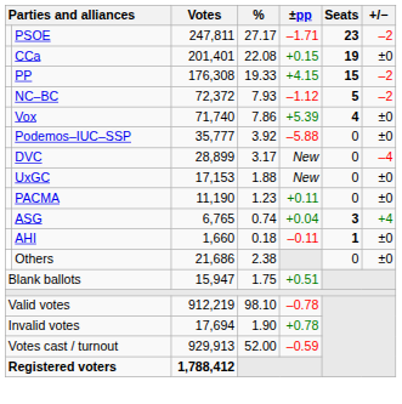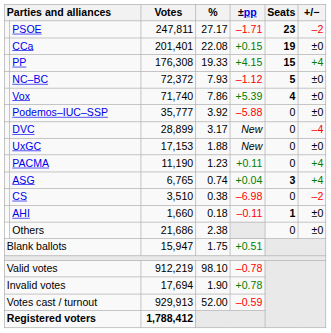 <table class="wikitable" style="text-align:right;">
 <tr>
 <th style="text-align:left;" colspan="2" width="200">Parties and alliances</th>
 <th width="75">Votes</th>
 <th width="45">%</th>
 <th width="45">±<a href='#'>pp</a></th>
 <th width="35">Seats</th>
 <th width="35">+/−</th>
 </tr>
 <tr>
 <td width="1" style="color:inherit;background:"></td>
 <td align="left"><a href='#'>PSOE</a></td>
 <td>247,811</td>
 <td>27.17</td>
 <td style="color:red;">–1.71</td>
 <td><strong>23</strong></td>
 <td style="color:red;">–2</td>
 </tr>
 <tr>
 <td style="color:inherit;background:"></td>
 <td align="left"><a href='#'>CCa</a></td>
 <td>201,401</td>
 <td>22.08</td>
 <td style="color:green;">+0.15</td>
 <td><strong>19</strong></td>
 <td>±0</td>
 </tr>
 <tr>
 <td style="color:inherit;background:"></td>
 <td align="left"><a href='#'>PP</a></td>
 <td>176,308</td>
 <td>19.33</td>
 <td style="color:green;">+4.15</td>
 <td><strong>15</strong></td>
-<td style="color:red;">–2</td>
+<td style="color:green;">+4</td>
 </tr>
 <tr>
 <td style="color:inherit;background:"></td>
 <td align="left"><a href='#'>NC–BC</a></td>
 <td>72,372</td>
 <td>7.93</td>
 <td style="color:red;">–1.12</td>
 <td><strong>5</strong></td>
-<td style="color:red;">–2</td>
+<td>±0</td>
 </tr>
 <tr>
 <td style="color:inherit;background:"></td>
 <td align="left"><a href='#'>Vox</a></td>
 <td>71,740</td>
 <td>7.86</td>
 <td style="color:green;">+5.39</td>
 <td><strong>4</strong></td>
 <td>±0</td>
 </tr>
 <tr>
 <td style="color:inherit;background:"></td>
 <td align="left"><a href='#'>Podemos–IUC–SSP</a></td>
 <td>35,777</td>
 <td>3.92</td>
 <td style="color:red;">–5.88</td>
 <td>0</td>
 <td>±0</td>
 </tr>
 <tr>
 <td style="color:inherit;background:"></td>
 <td align="left"><a href='#'>DVC</a></td>
 <td>28,899</td>
 <td>3.17</td>
 <td><em>New</em></td>
 <td>0</td>
 <td style="color:red;">–4</td>
 </tr>
 <tr>
 <td style="color:inherit;background:"></td>
 <td align="left"><a href='#'>UxGC</a></td>
 <td>17,153</td>
 <td>1.88</td>
 <td><em>New</em></td>
 <td>0</td>
 <td>±0</td>
 </tr>
 <tr>
 <td style="color:inherit;background:"></td>
 <td align="left"><a href='#'>PACMA</a></td>
 <td>11,190</td>
 <td>1.23</td>
 <td style="color:green;">+0.11</td>
 <td>0</td>
-<td>±0</td>
+<td style="color:green;">+4</td>
 </tr>
 <tr>
 <td style="color:inherit;background:"></td>
 <td align="left"><a href='#'>ASG</a></td>
 <td>6,765</td>
 <td>0.74</td>
 <td style="color:green;">+0.04</td>
 <td><strong>3</strong></td>
 <td style="color:green;">+4</td>
+</tr>
+<tr>
+<td style="color:inherit;background:"></td>
+<td align="left"><a href='#'>CS</a></td>
+<td>3,510</td>
+<td>0.38</td>
+<td style="color:red;">–6.98</td>
+<td>0</td>
+<td style="color:red;">–2</td>
 </tr>
 <tr>
 <td style="color:inherit;background:"></td>
 <td align="left"><a href='#'>AHI</a></td>
 <td>1,660</td>
 <td>0.18</td>
 <td style="color:red;">–0.11</td>
 <td><strong>1</strong></td>
 <td>±0</td>
 </tr>
 <tr>
 <td bgcolor="white"></td>
 <td align="left">Others</td>
 <td>21,686</td>
 <td>2.38</td>
 <td bgcolor="#E9E9E9"></td>
 <td>0</td>
 <td>±0</td>
 </tr>
 <tr>
 <td align="left" colspan="2">Blank ballots</td>
 <td>15,947</td>
 <td>1.75</td>
 <td style="color:green;">+0.51</td>
 <td bgcolor="#E9E9E9" colspan="2"></td>
 </tr>
 <tr>
 <td colspan="7" bgcolor="#E9E9E9"></td>
 </tr>
 <tr>
 <td align="left" colspan="2">Valid votes</td>
 <td>912,219</td>
 <td>98.10</td>
 <td style="color:red;">–0.78</td>
 <td bgcolor="#E9E9E9" colspan="2" rowspan="4"></td>
 </tr>
 <tr>
 <td align="left" colspan="2">Invalid votes</td>
 <td>17,694</td>
 <td>1.90</td>
 <td style="color:green;">+0.78</td>
 </tr>
 <tr>
 <td align="left" colspan="2">Votes cast / turnout</td>
 <td>929,913</td>
 <td>52.00</td>
 <td style="color:red;">–0.59</td>
 </tr>
 <tr style="font-weight:bold;">
 <td align="left" colspan="2">Registered voters</td>
 <td>1,788,412</td>
 <td bgcolor="#E9E9E9" colspan="2"></td>
 </tr>
 </table>
